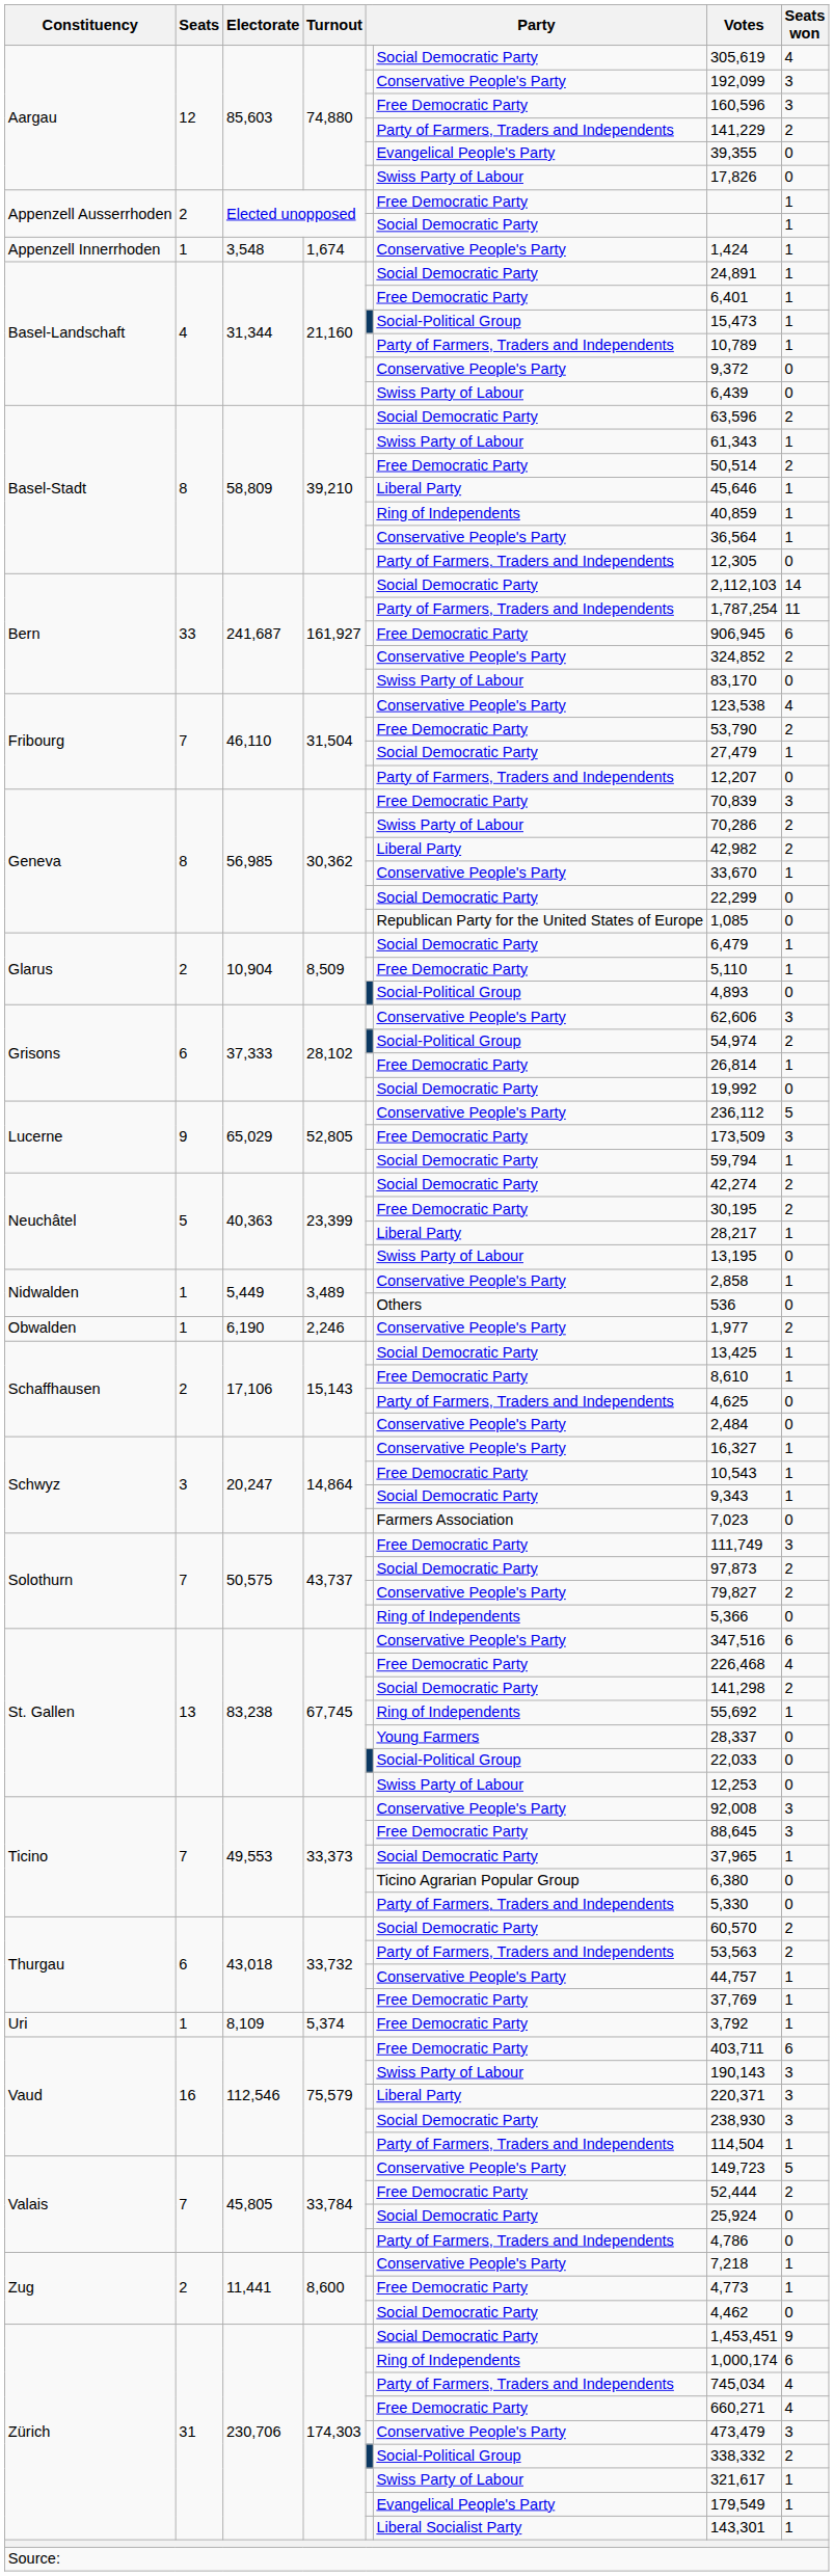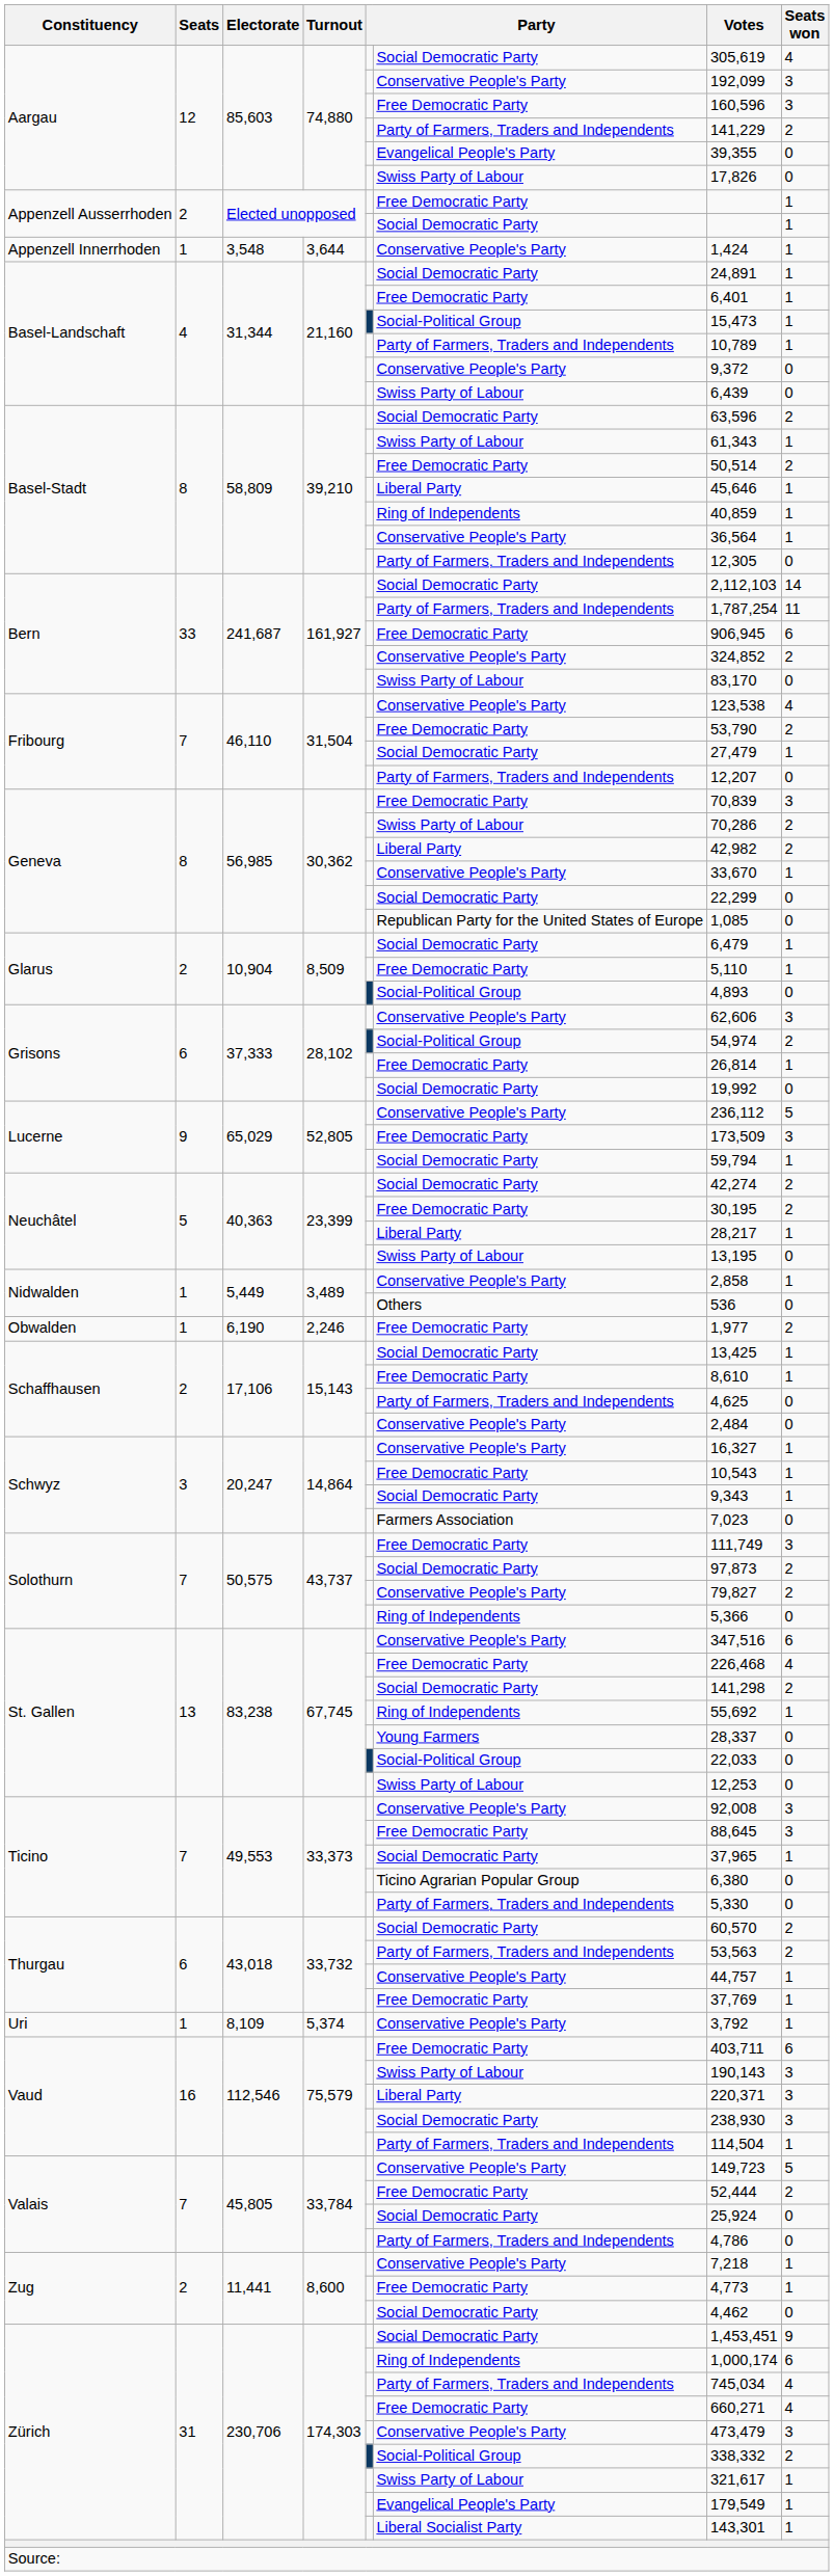 <table class="wikitable">
 <tr>
 <th>Constituency</th>
 <th>Seats</th>
 <th>Electorate</th>
 <th>Turnout</th>
 <th colspan="2">Party</th>
 <th>Votes</th>
 <th>Seats<br>won</th>
 </tr>
 <tr>
 <td rowspan="6">Aargau</td>
 <td rowspan="6">12</td>
 <td rowspan="6">85,603</td>
 <td rowspan="6">74,880</td>
 <td style="color:inherit;background:"></td>
 <td><a href='#'>Social Democratic Party</a></td>
 <td>305,619</td>
 <td>4</td>
 </tr>
 <tr>
 <td style="color:inherit;background:"></td>
 <td><a href='#'>Conservative People's Party</a></td>
 <td>192,099</td>
 <td>3</td>
 </tr>
 <tr>
 <td style="color:inherit;background:"></td>
 <td><a href='#'>Free Democratic Party</a></td>
 <td>160,596</td>
 <td>3</td>
 </tr>
 <tr>
 <td style="color:inherit;background:"></td>
 <td><a href='#'>Party of Farmers, Traders and Independents</a></td>
 <td>141,229</td>
 <td>2</td>
 </tr>
 <tr>
 <td style="color:inherit;background:"></td>
 <td><a href='#'>Evangelical People's Party</a></td>
 <td>39,355</td>
 <td>0</td>
 </tr>
 <tr>
 <td style="color:inherit;background:"></td>
 <td><a href='#'>Swiss Party of Labour</a></td>
 <td>17,826</td>
 <td>0</td>
 </tr>
 <tr>
 <td rowspan="2">Appenzell Ausserrhoden</td>
 <td rowspan="2">2</td>
 <td rowspan="2" colspan=2><a href='#'>Elected unopposed</a></td>
 <td style="color:inherit;background:"></td>
 <td><a href='#'>Free Democratic Party</a></td>
 <td></td>
 <td>1</td>
 </tr>
 <tr>
 <td style="color:inherit;background:"></td>
 <td><a href='#'>Social Democratic Party</a></td>
 <td></td>
 <td>1</td>
 </tr>
 <tr>
 <td>Appenzell Innerrhoden</td>
 <td>1</td>
 <td>3,548</td>
-<td>1,674</td>
+<td>3,644</td>
 <td style="color:inherit;background:"></td>
 <td><a href='#'>Conservative People's Party</a></td>
 <td>1,424</td>
 <td>1</td>
 </tr>
 <tr>
 <td rowspan="6">Basel-Landschaft</td>
 <td rowspan="6">4</td>
 <td rowspan="6">31,344</td>
 <td rowspan="6">21,160</td>
 <td style="color:inherit;background:"></td>
 <td><a href='#'>Social Democratic Party</a></td>
 <td>24,891</td>
 <td>1</td>
 </tr>
 <tr>
 <td style="color:inherit;background:"></td>
 <td><a href='#'>Free Democratic Party</a></td>
 <td>6,401</td>
 <td>1</td>
 </tr>
 <tr>
 <td style="color:inherit;background:#0B3861"></td>
 <td><a href='#'>Social-Political Group</a></td>
 <td>15,473</td>
 <td>1</td>
 </tr>
 <tr>
 <td style="color:inherit;background:"></td>
 <td><a href='#'>Party of Farmers, Traders and Independents</a></td>
 <td>10,789</td>
 <td>1</td>
 </tr>
 <tr>
 <td style="color:inherit;background:"></td>
 <td><a href='#'>Conservative People's Party</a></td>
 <td>9,372</td>
 <td>0</td>
 </tr>
 <tr>
 <td style="color:inherit;background:"></td>
 <td><a href='#'>Swiss Party of Labour</a></td>
 <td>6,439</td>
 <td>0</td>
 </tr>
 <tr>
 <td rowspan="7">Basel-Stadt</td>
 <td rowspan="7">8</td>
 <td rowspan="7">58,809</td>
 <td rowspan="7">39,210</td>
 <td style="color:inherit;background:"></td>
 <td><a href='#'>Social Democratic Party</a></td>
 <td>63,596</td>
 <td>2</td>
 </tr>
 <tr>
 <td style="color:inherit;background:"></td>
 <td><a href='#'>Swiss Party of Labour</a></td>
 <td>61,343</td>
 <td>1</td>
 </tr>
 <tr>
 <td style="color:inherit;background:"></td>
 <td><a href='#'>Free Democratic Party</a></td>
 <td>50,514</td>
 <td>2</td>
 </tr>
 <tr>
 <td style="color:inherit;background:"></td>
 <td><a href='#'>Liberal Party</a></td>
 <td>45,646</td>
 <td>1</td>
 </tr>
 <tr>
 <td style="color:inherit;background:"></td>
 <td><a href='#'>Ring of Independents</a></td>
 <td>40,859</td>
 <td>1</td>
 </tr>
 <tr>
 <td style="color:inherit;background:"></td>
 <td><a href='#'>Conservative People's Party</a></td>
 <td>36,564</td>
 <td>1</td>
 </tr>
 <tr>
 <td style="color:inherit;background:"></td>
 <td><a href='#'>Party of Farmers, Traders and Independents</a></td>
 <td>12,305</td>
 <td>0</td>
 </tr>
 <tr>
 <td rowspan="5">Bern</td>
 <td rowspan="5">33</td>
 <td rowspan="5">241,687</td>
 <td rowspan="5">161,927</td>
 <td style="color:inherit;background:"></td>
 <td><a href='#'>Social Democratic Party</a></td>
 <td>2,112,103</td>
 <td>14</td>
 </tr>
 <tr>
 <td style="color:inherit;background:"></td>
 <td><a href='#'>Party of Farmers, Traders and Independents</a></td>
 <td>1,787,254</td>
 <td>11</td>
 </tr>
 <tr>
 <td style="color:inherit;background:"></td>
 <td><a href='#'>Free Democratic Party</a></td>
 <td>906,945</td>
 <td>6</td>
 </tr>
 <tr>
 <td style="color:inherit;background:"></td>
 <td><a href='#'>Conservative People's Party</a></td>
 <td>324,852</td>
 <td>2</td>
 </tr>
 <tr>
 <td style="color:inherit;background:"></td>
 <td><a href='#'>Swiss Party of Labour</a></td>
 <td>83,170</td>
 <td>0</td>
 </tr>
 <tr>
 <td rowspan="4">Fribourg</td>
 <td rowspan="4">7</td>
 <td rowspan="4">46,110</td>
 <td rowspan="4">31,504</td>
 <td style="color:inherit;background:"></td>
 <td><a href='#'>Conservative People's Party</a></td>
 <td>123,538</td>
 <td>4</td>
 </tr>
 <tr>
 <td style="color:inherit;background:"></td>
 <td><a href='#'>Free Democratic Party</a></td>
 <td>53,790</td>
 <td>2</td>
 </tr>
 <tr>
 <td style="color:inherit;background:"></td>
 <td><a href='#'>Social Democratic Party</a></td>
 <td>27,479</td>
 <td>1</td>
 </tr>
 <tr>
 <td style="color:inherit;background:"></td>
 <td><a href='#'>Party of Farmers, Traders and Independents</a></td>
 <td>12,207</td>
 <td>0</td>
 </tr>
 <tr>
 <td rowspan="6">Geneva</td>
 <td rowspan="6">8</td>
 <td rowspan="6">56,985</td>
 <td rowspan="6">30,362</td>
 <td style="color:inherit;background:"></td>
 <td><a href='#'>Free Democratic Party</a></td>
 <td>70,839</td>
 <td>3</td>
 </tr>
 <tr>
 <td style="color:inherit;background:"></td>
 <td><a href='#'>Swiss Party of Labour</a></td>
 <td>70,286</td>
 <td>2</td>
 </tr>
 <tr>
 <td style="color:inherit;background:"></td>
 <td><a href='#'>Liberal Party</a></td>
 <td>42,982</td>
 <td>2</td>
 </tr>
 <tr>
 <td style="color:inherit;background:"></td>
 <td><a href='#'>Conservative People's Party</a></td>
 <td>33,670</td>
 <td>1</td>
 </tr>
 <tr>
 <td style="color:inherit;background:"></td>
 <td><a href='#'>Social Democratic Party</a></td>
 <td>22,299</td>
 <td>0</td>
 </tr>
 <tr>
 <td style="color:inherit;background:"></td>
 <td>Republican Party for the United States of Europe</td>
 <td>1,085</td>
 <td>0</td>
 </tr>
 <tr>
 <td rowspan="3">Glarus</td>
 <td rowspan="3">2</td>
 <td rowspan="3">10,904</td>
 <td rowspan="3">8,509</td>
 <td style="color:inherit;background:"></td>
 <td><a href='#'>Social Democratic Party</a></td>
 <td>6,479</td>
 <td>1</td>
 </tr>
 <tr>
 <td style="color:inherit;background:"></td>
 <td><a href='#'>Free Democratic Party</a></td>
 <td>5,110</td>
 <td>1</td>
 </tr>
 <tr>
 <td style="color:inherit;background:#0B3861"></td>
 <td><a href='#'>Social-Political Group</a></td>
 <td>4,893</td>
 <td>0</td>
 </tr>
 <tr>
 <td rowspan="4">Grisons</td>
 <td rowspan="4">6</td>
 <td rowspan="4">37,333</td>
 <td rowspan="4">28,102</td>
 <td style="color:inherit;background:"></td>
 <td><a href='#'>Conservative People's Party</a></td>
 <td>62,606</td>
 <td>3</td>
 </tr>
 <tr>
 <td style="color:inherit;background:#0B3861"></td>
 <td><a href='#'>Social-Political Group</a></td>
 <td>54,974</td>
 <td>2</td>
 </tr>
 <tr>
 <td style="color:inherit;background:"></td>
 <td><a href='#'>Free Democratic Party</a></td>
 <td>26,814</td>
 <td>1</td>
 </tr>
 <tr>
 <td style="color:inherit;background:"></td>
 <td><a href='#'>Social Democratic Party</a></td>
 <td>19,992</td>
 <td>0</td>
 </tr>
 <tr>
 <td rowspan="3">Lucerne</td>
 <td rowspan="3">9</td>
 <td rowspan="3">65,029</td>
 <td rowspan="3">52,805</td>
 <td style="color:inherit;background:"></td>
 <td><a href='#'>Conservative People's Party</a></td>
 <td>236,112</td>
 <td>5</td>
 </tr>
 <tr>
 <td style="color:inherit;background:"></td>
 <td><a href='#'>Free Democratic Party</a></td>
 <td>173,509</td>
 <td>3</td>
 </tr>
 <tr>
 <td style="color:inherit;background:"></td>
 <td><a href='#'>Social Democratic Party</a></td>
 <td>59,794</td>
 <td>1</td>
 </tr>
 <tr>
 <td rowspan="4">Neuchâtel</td>
 <td rowspan="4">5</td>
 <td rowspan="4">40,363</td>
 <td rowspan="4">23,399</td>
 <td style="color:inherit;background:"></td>
 <td><a href='#'>Social Democratic Party</a></td>
 <td>42,274</td>
 <td>2</td>
 </tr>
 <tr>
 <td style="color:inherit;background:"></td>
 <td><a href='#'>Free Democratic Party</a></td>
 <td>30,195</td>
 <td>2</td>
 </tr>
 <tr>
 <td style="color:inherit;background:"></td>
 <td><a href='#'>Liberal Party</a></td>
 <td>28,217</td>
 <td>1</td>
 </tr>
 <tr>
 <td style="color:inherit;background:"></td>
 <td><a href='#'>Swiss Party of Labour</a></td>
 <td>13,195</td>
 <td>0</td>
 </tr>
 <tr>
 <td rowspan="2">Nidwalden</td>
 <td rowspan="2">1</td>
 <td rowspan="2">5,449</td>
 <td rowspan="2">3,489</td>
 <td style="color:inherit;background:"></td>
 <td><a href='#'>Conservative People's Party</a></td>
 <td>2,858</td>
 <td>1</td>
 </tr>
 <tr>
 <td style="color:inherit;background:"></td>
 <td>Others</td>
 <td>536</td>
 <td>0</td>
 </tr>
 <tr>
 <td>Obwalden</td>
 <td>1</td>
 <td>6,190</td>
 <td>2,246</td>
 <td style="color:inherit;background:"></td>
-<td><a href='#'>Conservative People's Party</a></td>
+<td><a href='#'>Free Democratic Party</a></td>
 <td>1,977</td>
 <td>2</td>
 </tr>
 <tr>
 <td rowspan="4">Schaffhausen</td>
 <td rowspan="4">2</td>
 <td rowspan="4">17,106</td>
 <td rowspan="4">15,143</td>
 <td style="color:inherit;background:"></td>
 <td><a href='#'>Social Democratic Party</a></td>
 <td>13,425</td>
 <td>1</td>
 </tr>
 <tr>
 <td style="color:inherit;background:"></td>
 <td><a href='#'>Free Democratic Party</a></td>
 <td>8,610</td>
 <td>1</td>
 </tr>
 <tr>
 <td style="color:inherit;background:"></td>
 <td><a href='#'>Party of Farmers, Traders and Independents</a></td>
 <td>4,625</td>
 <td>0</td>
 </tr>
 <tr>
 <td style="color:inherit;background:"></td>
 <td><a href='#'>Conservative People's Party</a></td>
 <td>2,484</td>
 <td>0</td>
 </tr>
 <tr>
 <td rowspan="4">Schwyz</td>
 <td rowspan="4">3</td>
 <td rowspan="4">20,247</td>
 <td rowspan="4">14,864</td>
 <td style="color:inherit;background:"></td>
 <td><a href='#'>Conservative People's Party</a></td>
 <td>16,327</td>
 <td>1</td>
 </tr>
 <tr>
 <td style="color:inherit;background:"></td>
 <td><a href='#'>Free Democratic Party</a></td>
 <td>10,543</td>
 <td>1</td>
 </tr>
 <tr>
 <td style="color:inherit;background:"></td>
 <td><a href='#'>Social Democratic Party</a></td>
 <td>9,343</td>
 <td>1</td>
 </tr>
 <tr>
 <td style="color:inherit;background:"></td>
 <td>Farmers Association</td>
 <td>7,023</td>
 <td>0</td>
 </tr>
 <tr>
 <td rowspan="4">Solothurn</td>
 <td rowspan="4">7</td>
 <td rowspan="4">50,575</td>
 <td rowspan="4">43,737</td>
 <td style="color:inherit;background:"></td>
 <td><a href='#'>Free Democratic Party</a></td>
 <td>111,749</td>
 <td>3</td>
 </tr>
 <tr>
 <td style="color:inherit;background:"></td>
 <td><a href='#'>Social Democratic Party</a></td>
 <td>97,873</td>
 <td>2</td>
 </tr>
 <tr>
 <td style="color:inherit;background:"></td>
 <td><a href='#'>Conservative People's Party</a></td>
 <td>79,827</td>
 <td>2</td>
 </tr>
 <tr>
 <td style="color:inherit;background:"></td>
 <td><a href='#'>Ring of Independents</a></td>
 <td>5,366</td>
 <td>0</td>
 </tr>
 <tr>
 <td rowspan="7">St. Gallen</td>
 <td rowspan="7">13</td>
 <td rowspan="7">83,238</td>
 <td rowspan="7">67,745</td>
 <td style="color:inherit;background:"></td>
 <td><a href='#'>Conservative People's Party</a></td>
 <td>347,516</td>
 <td>6</td>
 </tr>
 <tr>
 <td style="color:inherit;background:"></td>
 <td><a href='#'>Free Democratic Party</a></td>
 <td>226,468</td>
 <td>4</td>
 </tr>
 <tr>
 <td style="color:inherit;background:"></td>
 <td><a href='#'>Social Democratic Party</a></td>
 <td>141,298</td>
 <td>2</td>
 </tr>
 <tr>
 <td style="color:inherit;background:"></td>
 <td><a href='#'>Ring of Independents</a></td>
 <td>55,692</td>
 <td>1</td>
 </tr>
 <tr>
 <td style="color:inherit;background:"></td>
 <td><a href='#'>Young Farmers</a></td>
 <td>28,337</td>
 <td>0</td>
 </tr>
 <tr>
 <td style="color:inherit;background:#0B3861"></td>
 <td><a href='#'>Social-Political Group</a></td>
 <td>22,033</td>
 <td>0</td>
 </tr>
 <tr>
 <td style="color:inherit;background:"></td>
 <td><a href='#'>Swiss Party of Labour</a></td>
 <td>12,253</td>
 <td>0</td>
 </tr>
 <tr>
 <td rowspan="5">Ticino</td>
 <td rowspan="5">7</td>
 <td rowspan="5">49,553</td>
 <td rowspan="5">33,373</td>
 <td style="color:inherit;background:"></td>
 <td><a href='#'>Conservative People's Party</a></td>
 <td>92,008</td>
 <td>3</td>
 </tr>
 <tr>
 <td style="color:inherit;background:"></td>
 <td><a href='#'>Free Democratic Party</a></td>
 <td>88,645</td>
 <td>3</td>
 </tr>
 <tr>
 <td style="color:inherit;background:"></td>
 <td><a href='#'>Social Democratic Party</a></td>
 <td>37,965</td>
 <td>1</td>
 </tr>
 <tr>
 <td style="color:inherit;background:"></td>
 <td>Ticino Agrarian Popular Group</td>
 <td>6,380</td>
 <td>0</td>
 </tr>
 <tr>
 <td style="color:inherit;background:"></td>
 <td><a href='#'>Party of Farmers, Traders and Independents</a></td>
 <td>5,330</td>
 <td>0</td>
 </tr>
 <tr>
 <td rowspan="4">Thurgau</td>
 <td rowspan="4">6</td>
 <td rowspan="4">43,018</td>
 <td rowspan="4">33,732</td>
 <td style="color:inherit;background:"></td>
 <td><a href='#'>Social Democratic Party</a></td>
 <td>60,570</td>
 <td>2</td>
 </tr>
 <tr>
 <td style="color:inherit;background:"></td>
 <td><a href='#'>Party of Farmers, Traders and Independents</a></td>
 <td>53,563</td>
 <td>2</td>
 </tr>
 <tr>
 <td style="color:inherit;background:"></td>
 <td><a href='#'>Conservative People's Party</a></td>
 <td>44,757</td>
 <td>1</td>
 </tr>
 <tr>
 <td style="color:inherit;background:"></td>
 <td><a href='#'>Free Democratic Party</a></td>
 <td>37,769</td>
 <td>1</td>
 </tr>
 <tr>
 <td>Uri</td>
 <td>1</td>
 <td>8,109</td>
 <td>5,374</td>
 <td style="color:inherit;background:"></td>
-<td><a href='#'>Free Democratic Party</a></td>
+<td><a href='#'>Conservative People's Party</a></td>
 <td>3,792</td>
 <td>1</td>
 </tr>
 <tr>
 <td rowspan="5">Vaud</td>
 <td rowspan="5">16</td>
 <td rowspan="5">112,546</td>
 <td rowspan="5">75,579</td>
 <td style="color:inherit;background:"></td>
 <td><a href='#'>Free Democratic Party</a></td>
 <td>403,711</td>
 <td>6</td>
 </tr>
 <tr>
 <td style="color:inherit;background:"></td>
 <td><a href='#'>Swiss Party of Labour</a></td>
 <td>190,143</td>
 <td>3</td>
 </tr>
 <tr>
 <td style="color:inherit;background:"></td>
 <td><a href='#'>Liberal Party</a></td>
 <td>220,371</td>
 <td>3</td>
 </tr>
 <tr>
 <td style="color:inherit;background:"></td>
 <td><a href='#'>Social Democratic Party</a></td>
 <td>238,930</td>
 <td>3</td>
 </tr>
 <tr>
 <td style="color:inherit;background:"></td>
 <td><a href='#'>Party of Farmers, Traders and Independents</a></td>
 <td>114,504</td>
 <td>1</td>
 </tr>
 <tr>
 <td rowspan="4">Valais</td>
 <td rowspan="4">7</td>
 <td rowspan="4">45,805</td>
 <td rowspan="4">33,784</td>
 <td style="color:inherit;background:"></td>
 <td><a href='#'>Conservative People's Party</a></td>
 <td>149,723</td>
 <td>5</td>
 </tr>
 <tr>
 <td style="color:inherit;background:"></td>
 <td><a href='#'>Free Democratic Party</a></td>
 <td>52,444</td>
 <td>2</td>
 </tr>
 <tr>
 <td style="color:inherit;background:"></td>
 <td><a href='#'>Social Democratic Party</a></td>
 <td>25,924</td>
 <td>0</td>
 </tr>
 <tr>
 <td style="color:inherit;background:"></td>
 <td><a href='#'>Party of Farmers, Traders and Independents</a></td>
 <td>4,786</td>
 <td>0</td>
 </tr>
 <tr>
 <td rowspan="3">Zug</td>
 <td rowspan="3">2</td>
 <td rowspan="3">11,441</td>
 <td rowspan="3">8,600</td>
 <td style="color:inherit;background:"></td>
 <td><a href='#'>Conservative People's Party</a></td>
 <td>7,218</td>
 <td>1</td>
 </tr>
 <tr>
 <td style="color:inherit;background:"></td>
 <td><a href='#'>Free Democratic Party</a></td>
 <td>4,773</td>
 <td>1</td>
 </tr>
 <tr>
 <td style="color:inherit;background:"></td>
 <td><a href='#'>Social Democratic Party</a></td>
 <td>4,462</td>
 <td>0</td>
 </tr>
 <tr>
 <td rowspan="9">Zürich</td>
 <td rowspan="9">31</td>
 <td rowspan="9">230,706</td>
 <td rowspan="9">174,303</td>
 <td style="color:inherit;background:"></td>
 <td><a href='#'>Social Democratic Party</a></td>
 <td>1,453,451</td>
 <td>9</td>
 </tr>
 <tr>
 <td style="color:inherit;background:"></td>
 <td><a href='#'>Ring of Independents</a></td>
 <td>1,000,174</td>
 <td>6</td>
 </tr>
 <tr>
 <td style="color:inherit;background:"></td>
 <td><a href='#'>Party of Farmers, Traders and Independents</a></td>
 <td>745,034</td>
 <td>4</td>
 </tr>
 <tr>
 <td style="color:inherit;background:"></td>
 <td><a href='#'>Free Democratic Party</a></td>
 <td>660,271</td>
 <td>4</td>
 </tr>
 <tr>
 <td style="color:inherit;background:"></td>
 <td><a href='#'>Conservative People's Party</a></td>
 <td>473,479</td>
 <td>3</td>
 </tr>
 <tr>
 <td style="color:inherit;background:#0B3861"></td>
 <td><a href='#'>Social-Political Group</a></td>
 <td>338,332</td>
 <td>2</td>
 </tr>
 <tr>
 <td style="color:inherit;background:"></td>
 <td><a href='#'>Swiss Party of Labour</a></td>
 <td>321,617</td>
 <td>1</td>
 </tr>
 <tr>
 <td style="color:inherit;background:"></td>
 <td><a href='#'>Evangelical People's Party</a></td>
 <td>179,549</td>
 <td>1</td>
 </tr>
 <tr>
 <td style="color:inherit;background:"></td>
 <td><a href='#'>Liberal Socialist Party</a></td>
 <td>143,301</td>
 <td>1</td>
 </tr>
 <tr>
 <th colspan="8"></th>
 </tr>
 <tr>
 <td colspan="8">Source: </td>
 </tr>
 </table>
